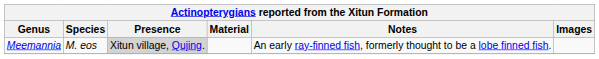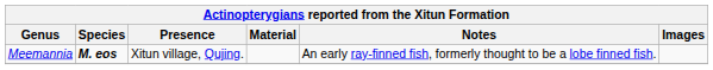 <table class="wikitable" align="center">
 <tr>
 <th colspan="6" align="center"><strong><a href='#'>Actinopterygians</a> reported from the Xitun Formation</strong></th>
 </tr>
 <tr>
 <th>Genus</th>
 <th>Species</th>
 <th>Presence</th>
 <th><strong>Material</strong></th>
 <th>Notes</th>
 <th>Images</th>
 </tr>
 <tr>
 <td><em><a href='#'>Meemannia</a></em></td>
-<td><em>M. eos</em></td>
-<td style="background: lightgrey;">Xitun village, <a href='#'>Qujing</a>.</td>
+<td><strong><em>M. eos</em></strong></td>
+<td>Xitun village, <a href='#'>Qujing</a>.</td>
 <td></td>
 <td>An early <a href='#'>ray-finned fish</a>, formerly thought to be a <a href='#'>lobe finned fish</a>.</td>
 <td></td>
 </tr>
 <tr>
 </tr>
 </table>
